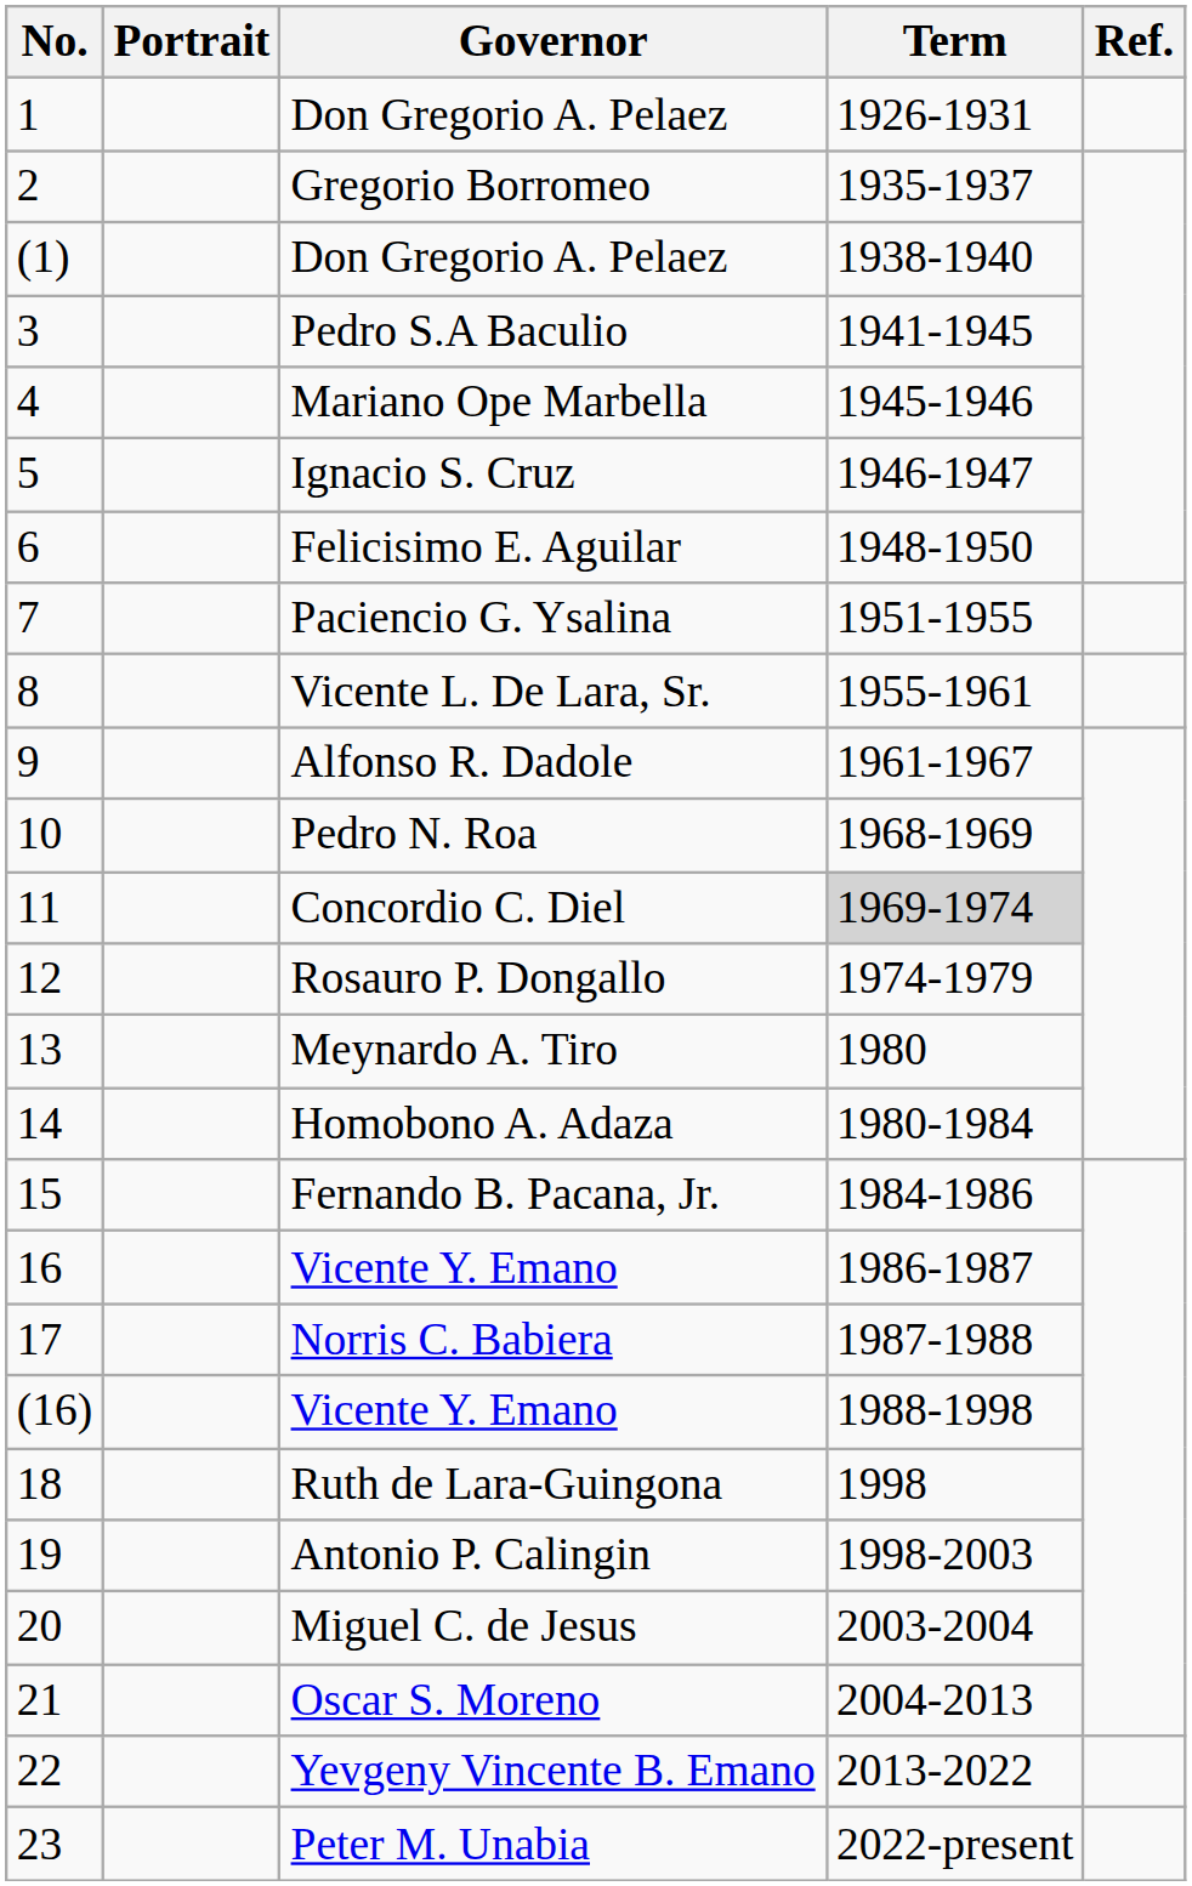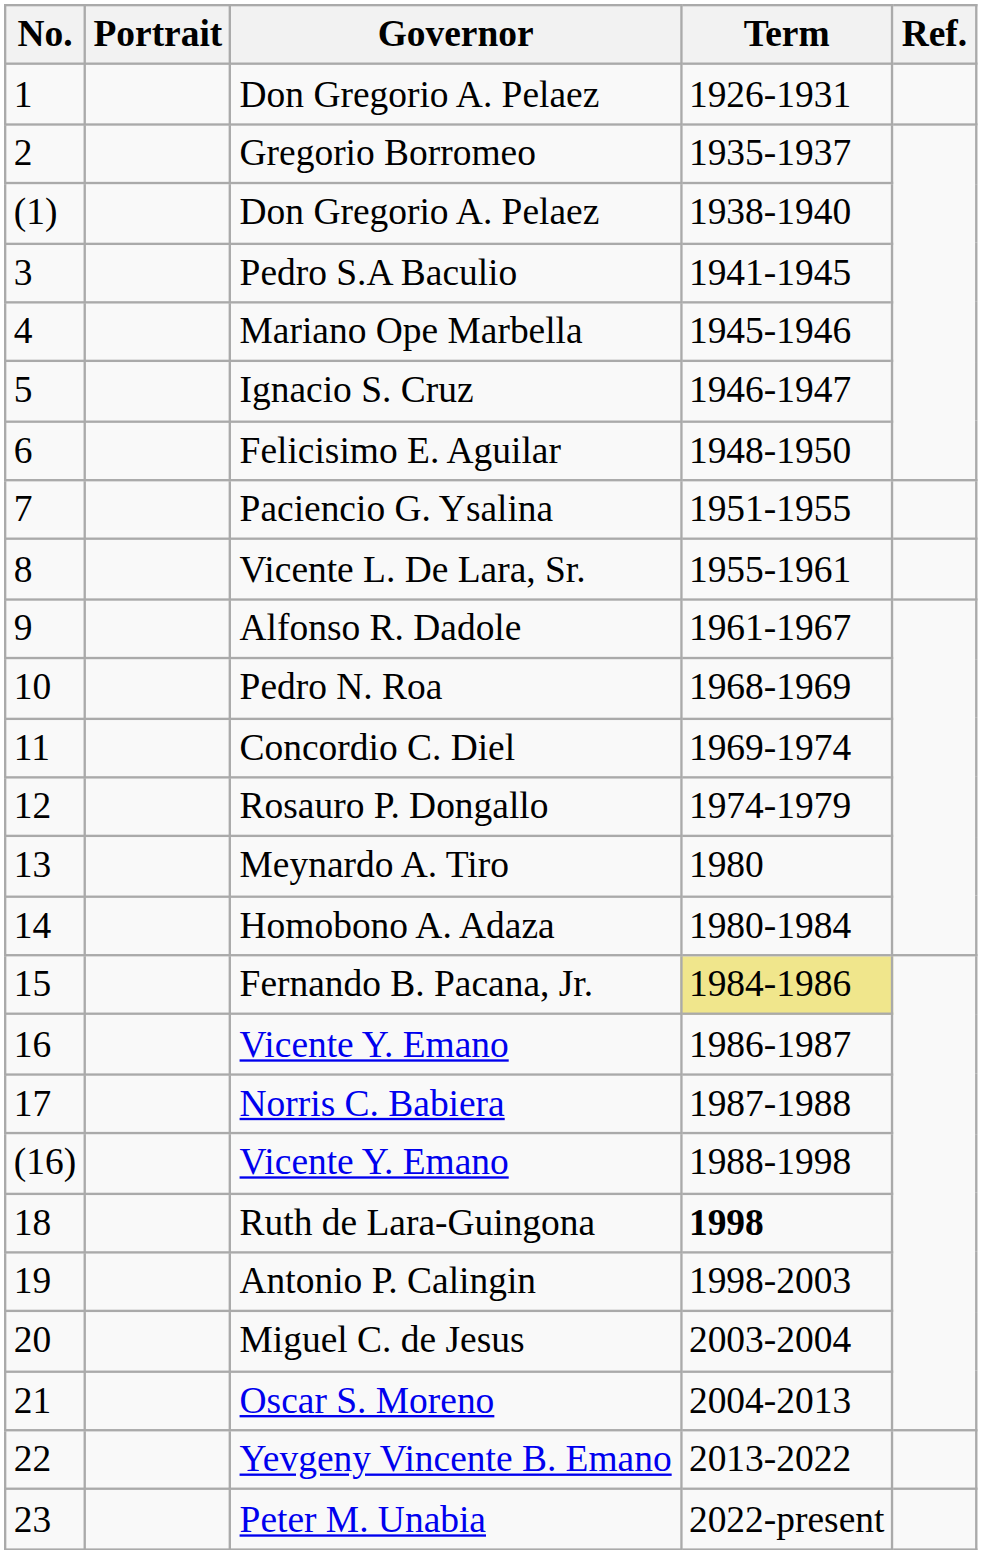 <table class= "wikitable"  border = "1">
 <tr>
 <th>No.</th>
 <th>Portrait</th>
 <th>Governor</th>
 <th>Term</th>
 <th>Ref.</th>
 </tr>
 <tr>
 <td>1</td>
 <td></td>
 <td>Don Gregorio A. Pelaez</td>
 <td>1926-1931</td>
 <td></td>
 </tr>
 <tr>
 <td>2</td>
 <td></td>
 <td>Gregorio Borromeo</td>
 <td>1935-1937</td>
 <td rowspan="6"></td>
 </tr>
 <tr>
 <td>(1)</td>
 <td></td>
 <td>Don Gregorio A. Pelaez</td>
 <td>1938-1940</td>
 </tr>
 <tr>
 <td>3</td>
 <td></td>
 <td>Pedro S.A Baculio</td>
 <td>1941-1945</td>
 </tr>
 <tr>
 <td>4</td>
 <td></td>
 <td>Mariano Ope Marbella</td>
 <td>1945-1946</td>
 </tr>
 <tr>
 <td>5</td>
 <td></td>
 <td>Ignacio S. Cruz</td>
 <td>1946-1947</td>
 </tr>
 <tr>
 <td>6</td>
 <td></td>
 <td>Felicisimo E. Aguilar</td>
 <td>1948-1950</td>
 </tr>
 <tr>
 <td>7</td>
 <td></td>
 <td>Paciencio G. Ysalina</td>
 <td>1951-1955</td>
 <td></td>
 </tr>
 <tr>
 <td>8</td>
 <td></td>
 <td>Vicente L. De Lara, Sr.</td>
 <td>1955-1961</td>
 <td></td>
 </tr>
 <tr>
 <td>9</td>
 <td></td>
 <td>Alfonso R. Dadole</td>
 <td>1961-1967</td>
 <td rowspan="6"></td>
 </tr>
 <tr>
 <td>10</td>
 <td></td>
 <td>Pedro N. Roa</td>
 <td>1968-1969</td>
 </tr>
 <tr>
 <td>11</td>
 <td></td>
 <td>Concordio C. Diel</td>
-<td style="background: lightgrey;">1969-1974</td>
+<td>1969-1974</td>
 </tr>
 <tr>
 <td>12</td>
 <td></td>
 <td>Rosauro P. Dongallo</td>
 <td>1974-1979</td>
 </tr>
 <tr>
 <td>13</td>
 <td></td>
 <td>Meynardo A. Tiro</td>
 <td>1980</td>
 </tr>
 <tr>
 <td>14</td>
 <td></td>
 <td>Homobono A. Adaza</td>
 <td>1980-1984</td>
 </tr>
 <tr>
 <td>15</td>
 <td></td>
 <td>Fernando B. Pacana, Jr.</td>
-<td>1984-1986</td>
+<td style="background: khaki;">1984-1986</td>
 </tr>
 <tr>
 <td>16</td>
 <td></td>
 <td><a href='#'>Vicente Y. Emano</a></td>
 <td>1986-1987</td>
 </tr>
 <tr>
 <td>17</td>
 <td></td>
 <td><a href='#'>Norris C. Babiera</a></td>
 <td>1987-1988</td>
 </tr>
 <tr>
 <td>(16)</td>
 <td></td>
 <td><a href='#'>Vicente Y. Emano</a></td>
 <td>1988-1998</td>
 </tr>
 <tr>
 <td>18</td>
 <td></td>
 <td>Ruth de Lara-Guingona</td>
-<td>1998</td>
+<td><strong>1998</strong></td>
 </tr>
 <tr>
 <td>19</td>
 <td></td>
 <td>Antonio P. Calingin</td>
 <td>1998-2003</td>
 </tr>
 <tr>
 <td>20</td>
 <td></td>
 <td>Miguel C. de Jesus</td>
 <td>2003-2004</td>
 </tr>
 <tr>
 <td>21</td>
 <td></td>
 <td><a href='#'>Oscar S. Moreno</a></td>
 <td>2004-2013</td>
 </tr>
 <tr>
 <td>22</td>
 <td></td>
 <td><a href='#'>Yevgeny Vincente B. Emano</a></td>
 <td>2013-2022</td>
 <td></td>
 </tr>
 <tr>
 <td>23</td>
 <td></td>
 <td><a href='#'>Peter M. Unabia</a></td>
 <td>2022-present</td>
 <td></td>
 </tr>
 </table>
